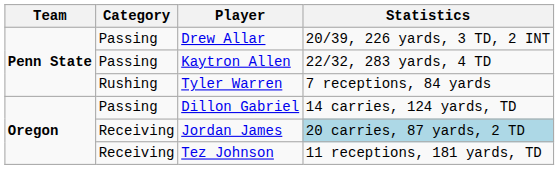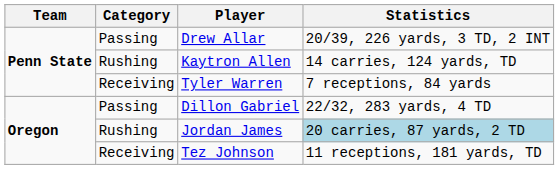 <table class="wikitable" style="float: right;">
 <tr>
 <th>Team</th>
 <th>Category</th>
 <th>Player</th>
 <th>Statistics</th>
 </tr>
 <tr>
 <td rowspan=3><strong>Penn State</strong></td>
 <td>Passing</td>
 <td><a href='#'>Drew Allar</a></td>
 <td>20/39, 226 yards, 3 TD, 2 INT</td>
 </tr>
 <tr>
-<td>Passing</td>
+<td>Rushing</td>
 <td><a href='#'>Kaytron Allen</a></td>
-<td>22/32, 283 yards, 4 TD</td>
+<td>14 carries, 124 yards, TD</td>
 </tr>
 <tr>
-<td>Rushing</td>
+<td>Receiving</td>
 <td><a href='#'>Tyler Warren</a></td>
 <td>7 receptions, 84 yards</td>
 </tr>
 <tr>
 <td rowspan=3><strong>Oregon</strong></td>
 <td>Passing</td>
 <td><a href='#'>Dillon Gabriel</a></td>
-<td>14 carries, 124 yards, TD</td>
+<td>22/32, 283 yards, 4 TD</td>
 </tr>
 <tr>
-<td>Receiving</td>
+<td>Rushing</td>
 <td><a href='#'>Jordan James</a></td>
 <td style="background: lightblue;">20 carries, 87 yards, 2 TD</td>
 </tr>
 <tr>
 <td>Receiving</td>
 <td><a href='#'>Tez Johnson</a></td>
 <td>11 receptions, 181 yards, TD</td>
 </tr>
 </table>
